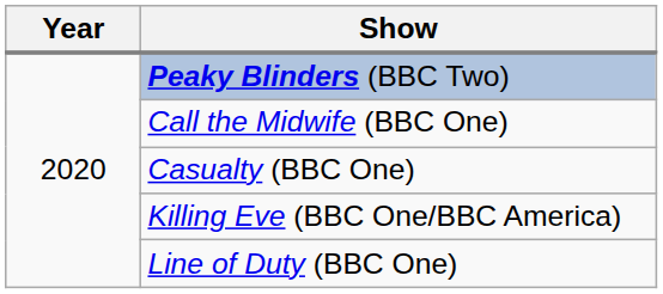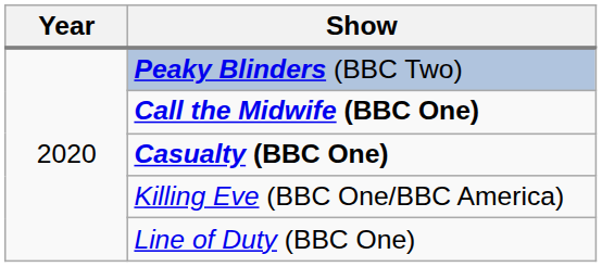 <table class="wikitable" width="40%" cellpadding="5">
 <tr>
 <th width="100"><strong>Year</strong></th>
 <th width="500"><strong>Show</strong></th>
 </tr>
 <tr>
 </tr>
 <tr style="border-top:2px solid gray;">
 </tr>
 <tr style="border-top:2px solid gray;">
 <td rowspan="6" style="text-align:center;">2020</td>
 <td style="background:#B0C4DE;"><strong><em><a href='#'>Peaky Blinders</a></em></strong> (BBC Two)</td>
 </tr>
 <tr>
-<td><em><a href='#'>Call the Midwife</a></em> (BBC One)</td>
+<td><strong><em><a href='#'>Call the Midwife</a></em> (BBC One)</strong></td>
 </tr>
 <tr>
-<td><em><a href='#'>Casualty</a></em> (BBC One)</td>
+<td><strong><em><a href='#'>Casualty</a></em> (BBC One)</strong></td>
 </tr>
 <tr>
 <td><em><a href='#'>Killing Eve</a></em> (BBC One/BBC America)</td>
 </tr>
 <tr>
 <td><em><a href='#'>Line of Duty</a></em> (BBC One)</td>
 </tr>
 </table>
